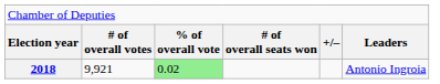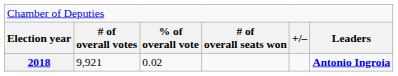 <table class=wikitable>
 <tr>
 <td colspan=7><a href='#'>Chamber of Deputies</a></td>
 </tr>
 <tr>
 <th>Election year</th>
 <th># of<br>overall votes</th>
 <th>% of<br>overall vote</th>
 <th># of<br>overall seats won</th>
 <th>+/–</th>
 <th>Leaders</th>
 </tr>
 <tr>
 <th><a href='#'>2018</a></th>
 <td>9,921</td>
-<td style="background: lightgreen;">0.02</td>
+<td>0.02</td>
 <td></td>
 <td></td>
-<td><a href='#'>Antonio Ingroia</a></td>
+<td><strong><a href='#'>Antonio Ingroia</a></strong></td>
 </tr>
 </table>
